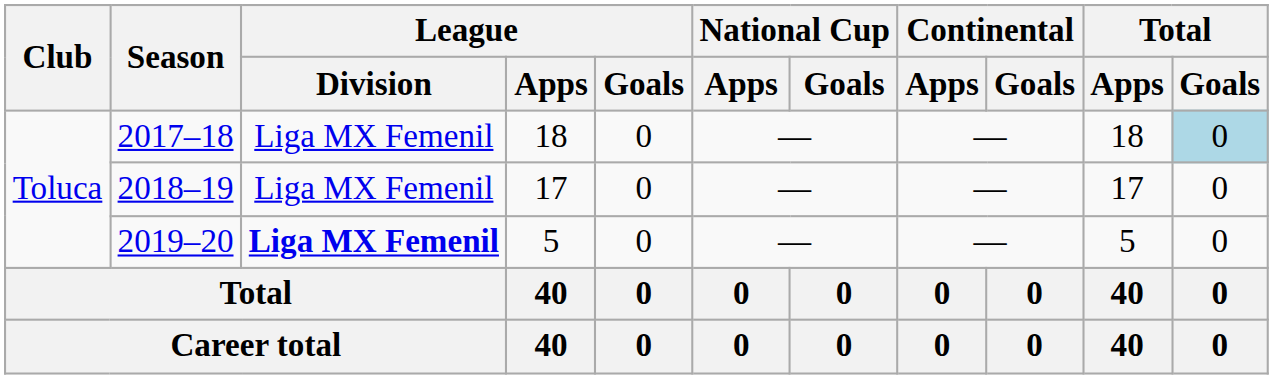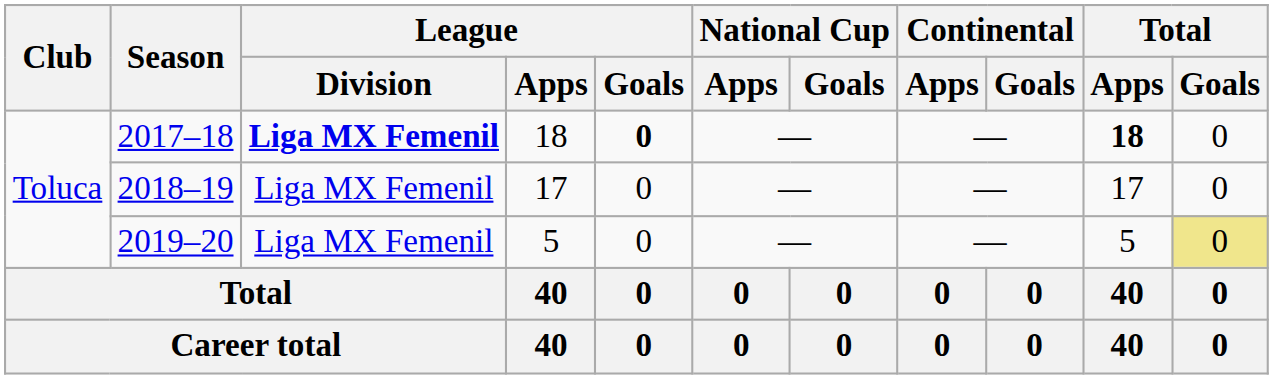 <table class="wikitable" style="text-align:center">
 <tr>
 <th rowspan="2">Club</th>
 <th rowspan="2">Season</th>
 <th colspan="3">League</th>
 <th colspan="2">National Cup</th>
 <th colspan="2">Continental</th>
 <th colspan="2">Total</th>
 </tr>
 <tr>
 <th>Division</th>
 <th>Apps</th>
 <th>Goals</th>
 <th>Apps</th>
 <th>Goals</th>
 <th>Apps</th>
 <th>Goals</th>
 <th>Apps</th>
 <th>Goals</th>
 </tr>
 <tr>
 <td rowspan="3"><a href='#'>Toluca</a></td>
 <td><a href='#'>2017–18</a></td>
-<td rowspan="1"><a href='#'>Liga MX Femenil</a></td>
+<td rowspan="1"><strong><a href='#'>Liga MX Femenil</a></strong></td>
 <td>18</td>
-<td>0</td>
+<td><strong>0</strong></td>
 <td colspan="2">—</td>
 <td colspan="2">—</td>
-<td>18</td>
-<td style="background: lightblue;">0</td>
+<td><strong>18</strong></td>
+<td>0</td>
 </tr>
 <tr>
 <td><a href='#'>2018–19</a></td>
 <td rowspan="1"><a href='#'>Liga MX Femenil</a></td>
 <td>17</td>
 <td>0</td>
 <td colspan="2">—</td>
 <td colspan="2">—</td>
 <td>17</td>
 <td>0</td>
 </tr>
 <tr>
 <td><a href='#'>2019–20</a></td>
-<td rowspan="1"><strong><a href='#'>Liga MX Femenil</a></strong></td>
+<td rowspan="1"><a href='#'>Liga MX Femenil</a></td>
 <td>5</td>
 <td>0</td>
 <td colspan="2">—</td>
 <td colspan="2">—</td>
 <td>5</td>
-<td>0</td>
+<td style="background: khaki;">0</td>
 </tr>
 <tr>
 <th colspan="3">Total</th>
 <th>40</th>
 <th>0</th>
 <th>0</th>
 <th>0</th>
 <th>0</th>
 <th>0</th>
 <th>40</th>
 <th>0</th>
 </tr>
 <tr>
 <th colspan="3">Career total</th>
 <th>40</th>
 <th>0</th>
 <th>0</th>
 <th>0</th>
 <th>0</th>
 <th>0</th>
 <th>40</th>
 <th>0</th>
 </tr>
 </table>
